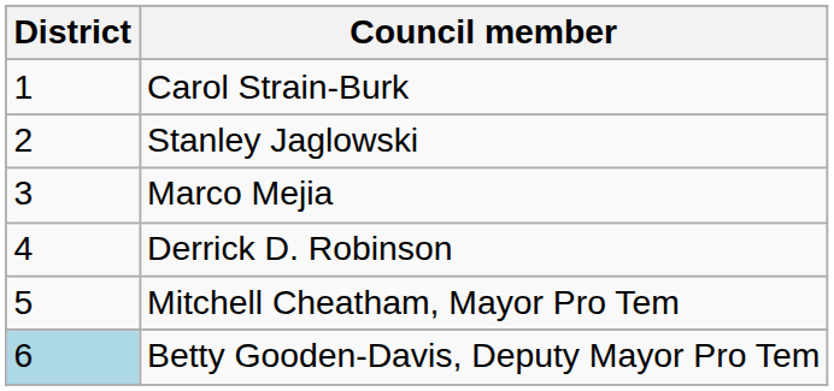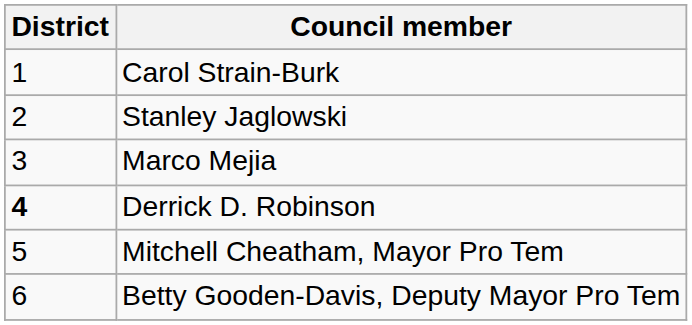 <table class="wikitable">
 <tr>
 <th>District</th>
 <th>Council member</th>
 </tr>
 <tr>
 <td>1</td>
 <td>Carol Strain-Burk</td>
 </tr>
 <tr>
 <td>2</td>
 <td>Stanley Jaglowski</td>
 </tr>
 <tr>
 <td>3</td>
 <td>Marco Mejia</td>
 </tr>
 <tr>
-<td>4</td>
+<td><strong>4</strong></td>
 <td>Derrick D. Robinson</td>
 </tr>
 <tr>
 <td>5</td>
 <td>Mitchell Cheatham, Mayor Pro Tem</td>
 </tr>
 <tr>
-<td style="background: lightblue;">6</td>
+<td>6</td>
 <td>Betty Gooden-Davis, Deputy Mayor Pro Tem</td>
 </tr>
 </table>
